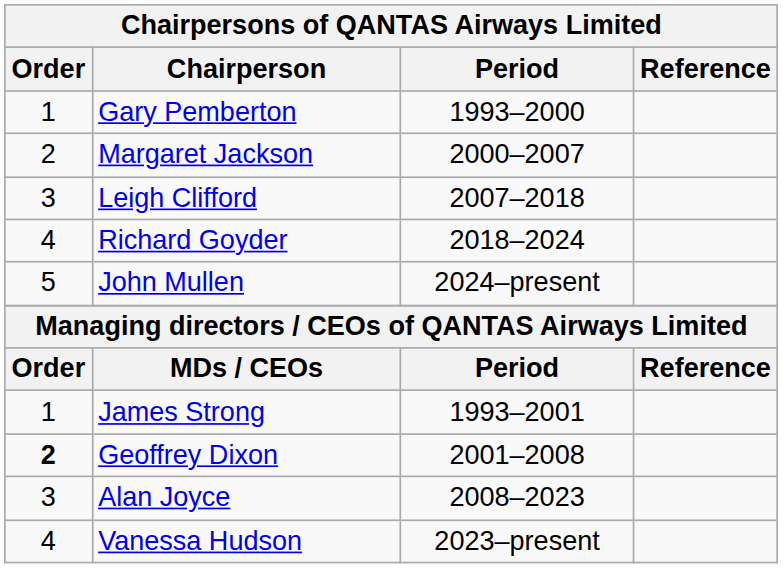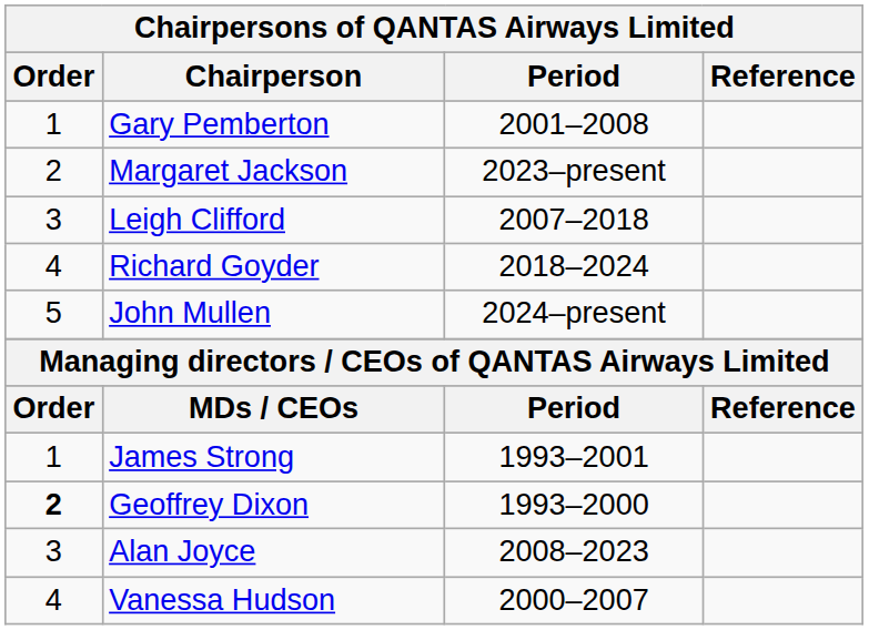 <table class="wikitable">
 <tr>
 <th colspan=4 width=450>Chairpersons of QANTAS Airways Limited</th>
 </tr>
 <tr>
 <th>Order</th>
 <th>Chairperson</th>
 <th>Period</th>
 <th>Reference</th>
 </tr>
 <tr>
 <td align=center>1</td>
 <td><a href='#'>Gary Pemberton</a></td>
-<td align=center>1993–2000</td>
+<td align=center>2001–2008</td>
 <td></td>
 </tr>
 <tr>
 <td align=center>2</td>
 <td><a href='#'>Margaret Jackson</a></td>
-<td align=center>2000–2007</td>
+<td align=center>2023–present</td>
 <td></td>
 </tr>
 <tr>
 <td align=center>3</td>
 <td><a href='#'>Leigh Clifford</a></td>
 <td align=center>2007–2018</td>
 <td></td>
 </tr>
 <tr>
 <td align=center>4</td>
 <td><a href='#'>Richard Goyder</a></td>
 <td align=center>2018–2024</td>
 <td></td>
 </tr>
 <tr>
 <td align=center>5</td>
 <td><a href='#'>John Mullen</a></td>
 <td align=center>2024–present</td>
 <td></td>
 </tr>
 <tr>
 </tr>
 <tr>
 <th colspan=4 width=450>Managing directors / CEOs of QANTAS Airways Limited</th>
 </tr>
 <tr>
 <th>Order</th>
 <th width=40%>MDs / CEOs</th>
 <th width=30%>Period</th>
 <th>Reference</th>
 </tr>
 <tr>
 <td align=center>1</td>
 <td><a href='#'>James Strong</a></td>
 <td align=center>1993–2001</td>
 <td></td>
 </tr>
 <tr>
 <td align=center><strong>2</strong></td>
 <td><a href='#'>Geoffrey Dixon</a></td>
-<td align=center>2001–2008</td>
+<td align=center>1993–2000</td>
 <td></td>
 </tr>
 <tr>
 <td align=center>3</td>
 <td><a href='#'>Alan Joyce</a></td>
 <td align=center>2008–2023</td>
 <td></td>
 </tr>
 <tr>
 <td align=center>4</td>
 <td><a href='#'>Vanessa Hudson</a></td>
-<td align=center>2023–present</td>
+<td align=center>2000–2007</td>
 <td></td>
 </tr>
 </table>
